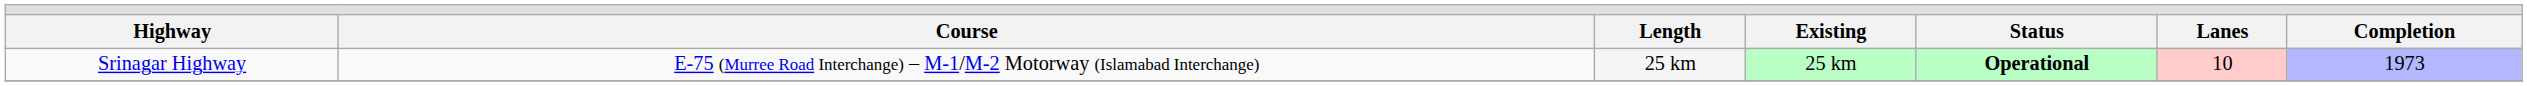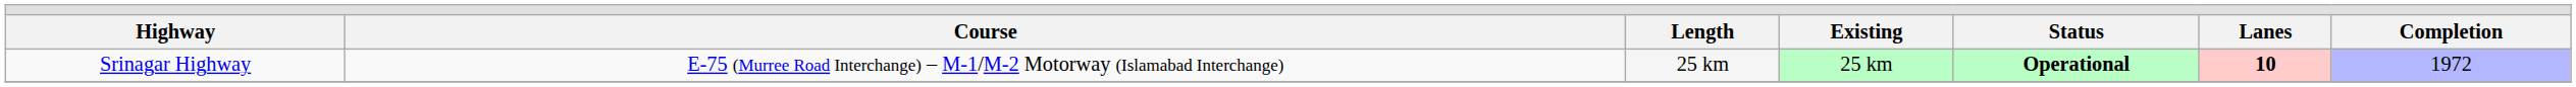 <table class="wikitable" style="margin:auto; font-size:90%; align:center; text-align:center; width:90%">
 <tr>
 <td colspan="12" bgcolor="#E0E0E0"></td>
 </tr>
 <tr>
 <th>Highway</th>
 <th>Course</th>
 <th>Length</th>
 <th>Existing</th>
 <th>Status</th>
 <th>Lanes</th>
 <th>Completion</th>
 </tr>
 <tr>
 <td><a href='#'>Srinagar Highway</a></td>
 <td><a href='#'>E-75</a> <small>(<a href='#'>Murree Road</a> Interchange)</small> – <a href='#'>M-1</a>/<a href='#'>M-2</a> Motorway <small>(Islamabad Interchange)</small></td>
 <td bgcolor="#F5F5F5">25 km</td>
 <td bgcolor="#B9FFC5">25 km</td>
 <td bgcolor="#B9FFC5"><strong>Operational</strong></td>
-<td bgcolor="#FFCBCB">10</td>
-<td bgcolor="#B3B7FF">1973</td>
+<td bgcolor="#FFCBCB"><strong>10</strong></td>
+<td bgcolor="#B3B7FF">1972</td>
 </tr>
 <tr>
 </tr>
 </table>
